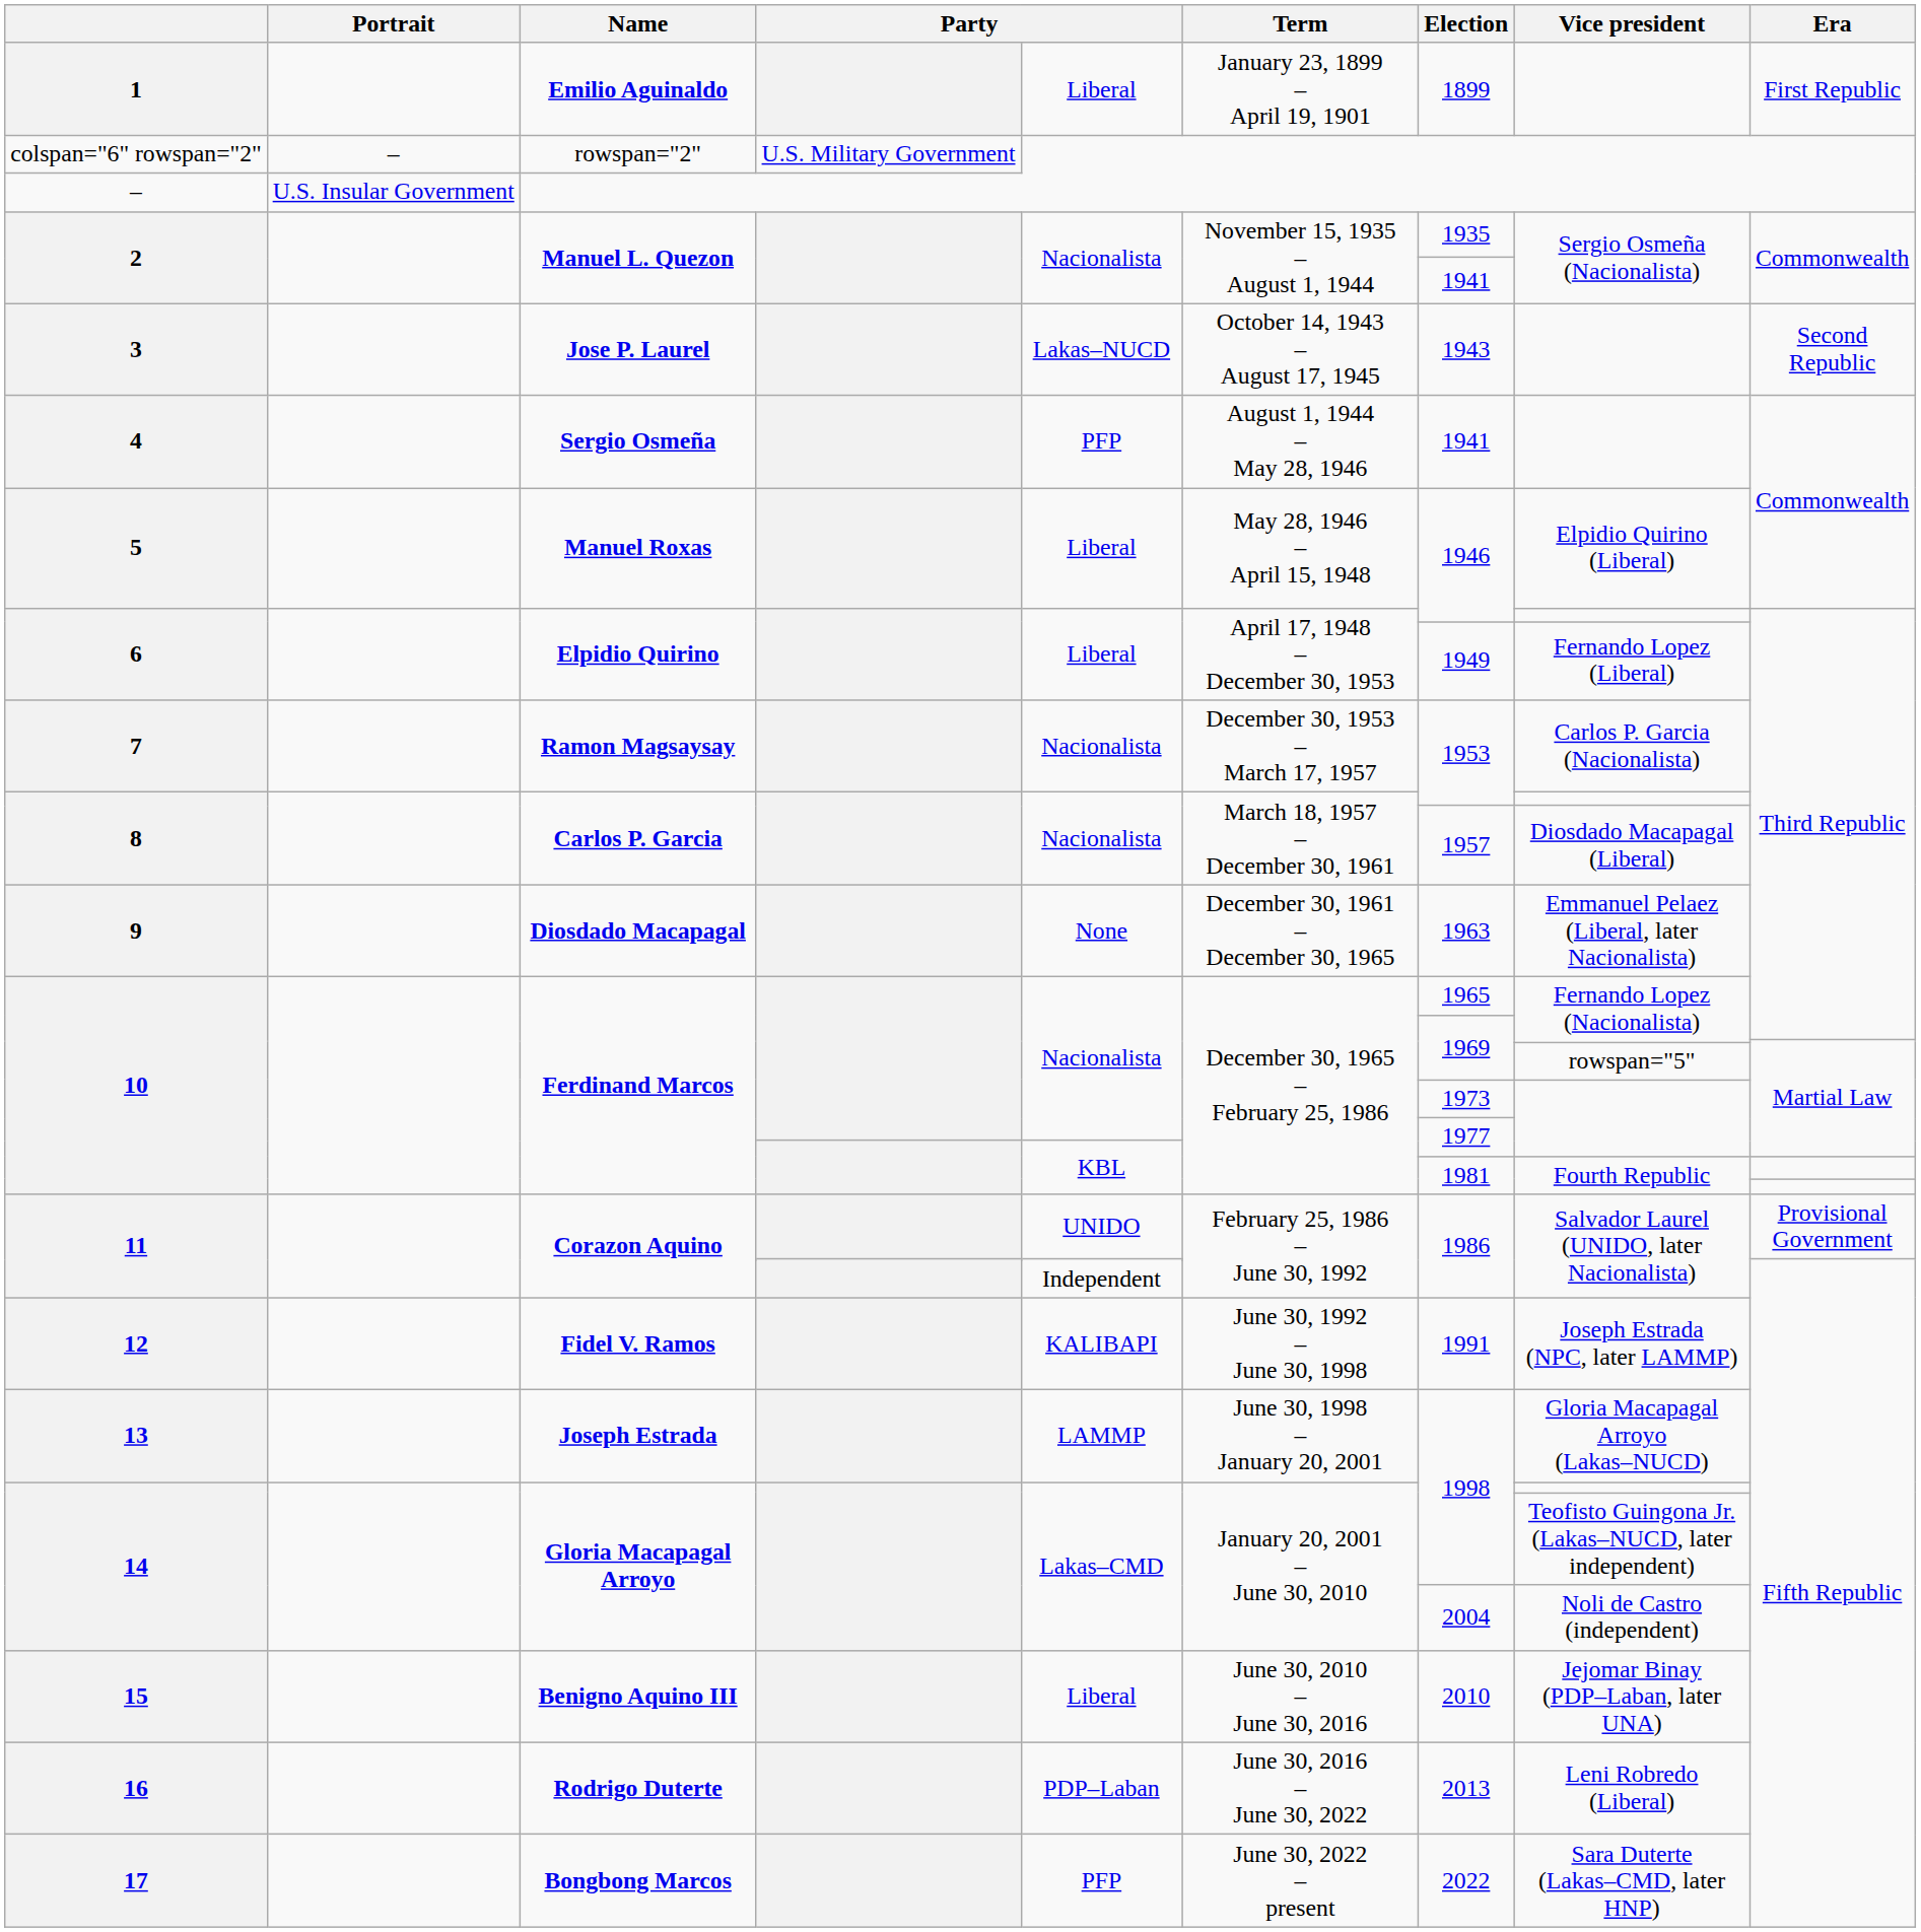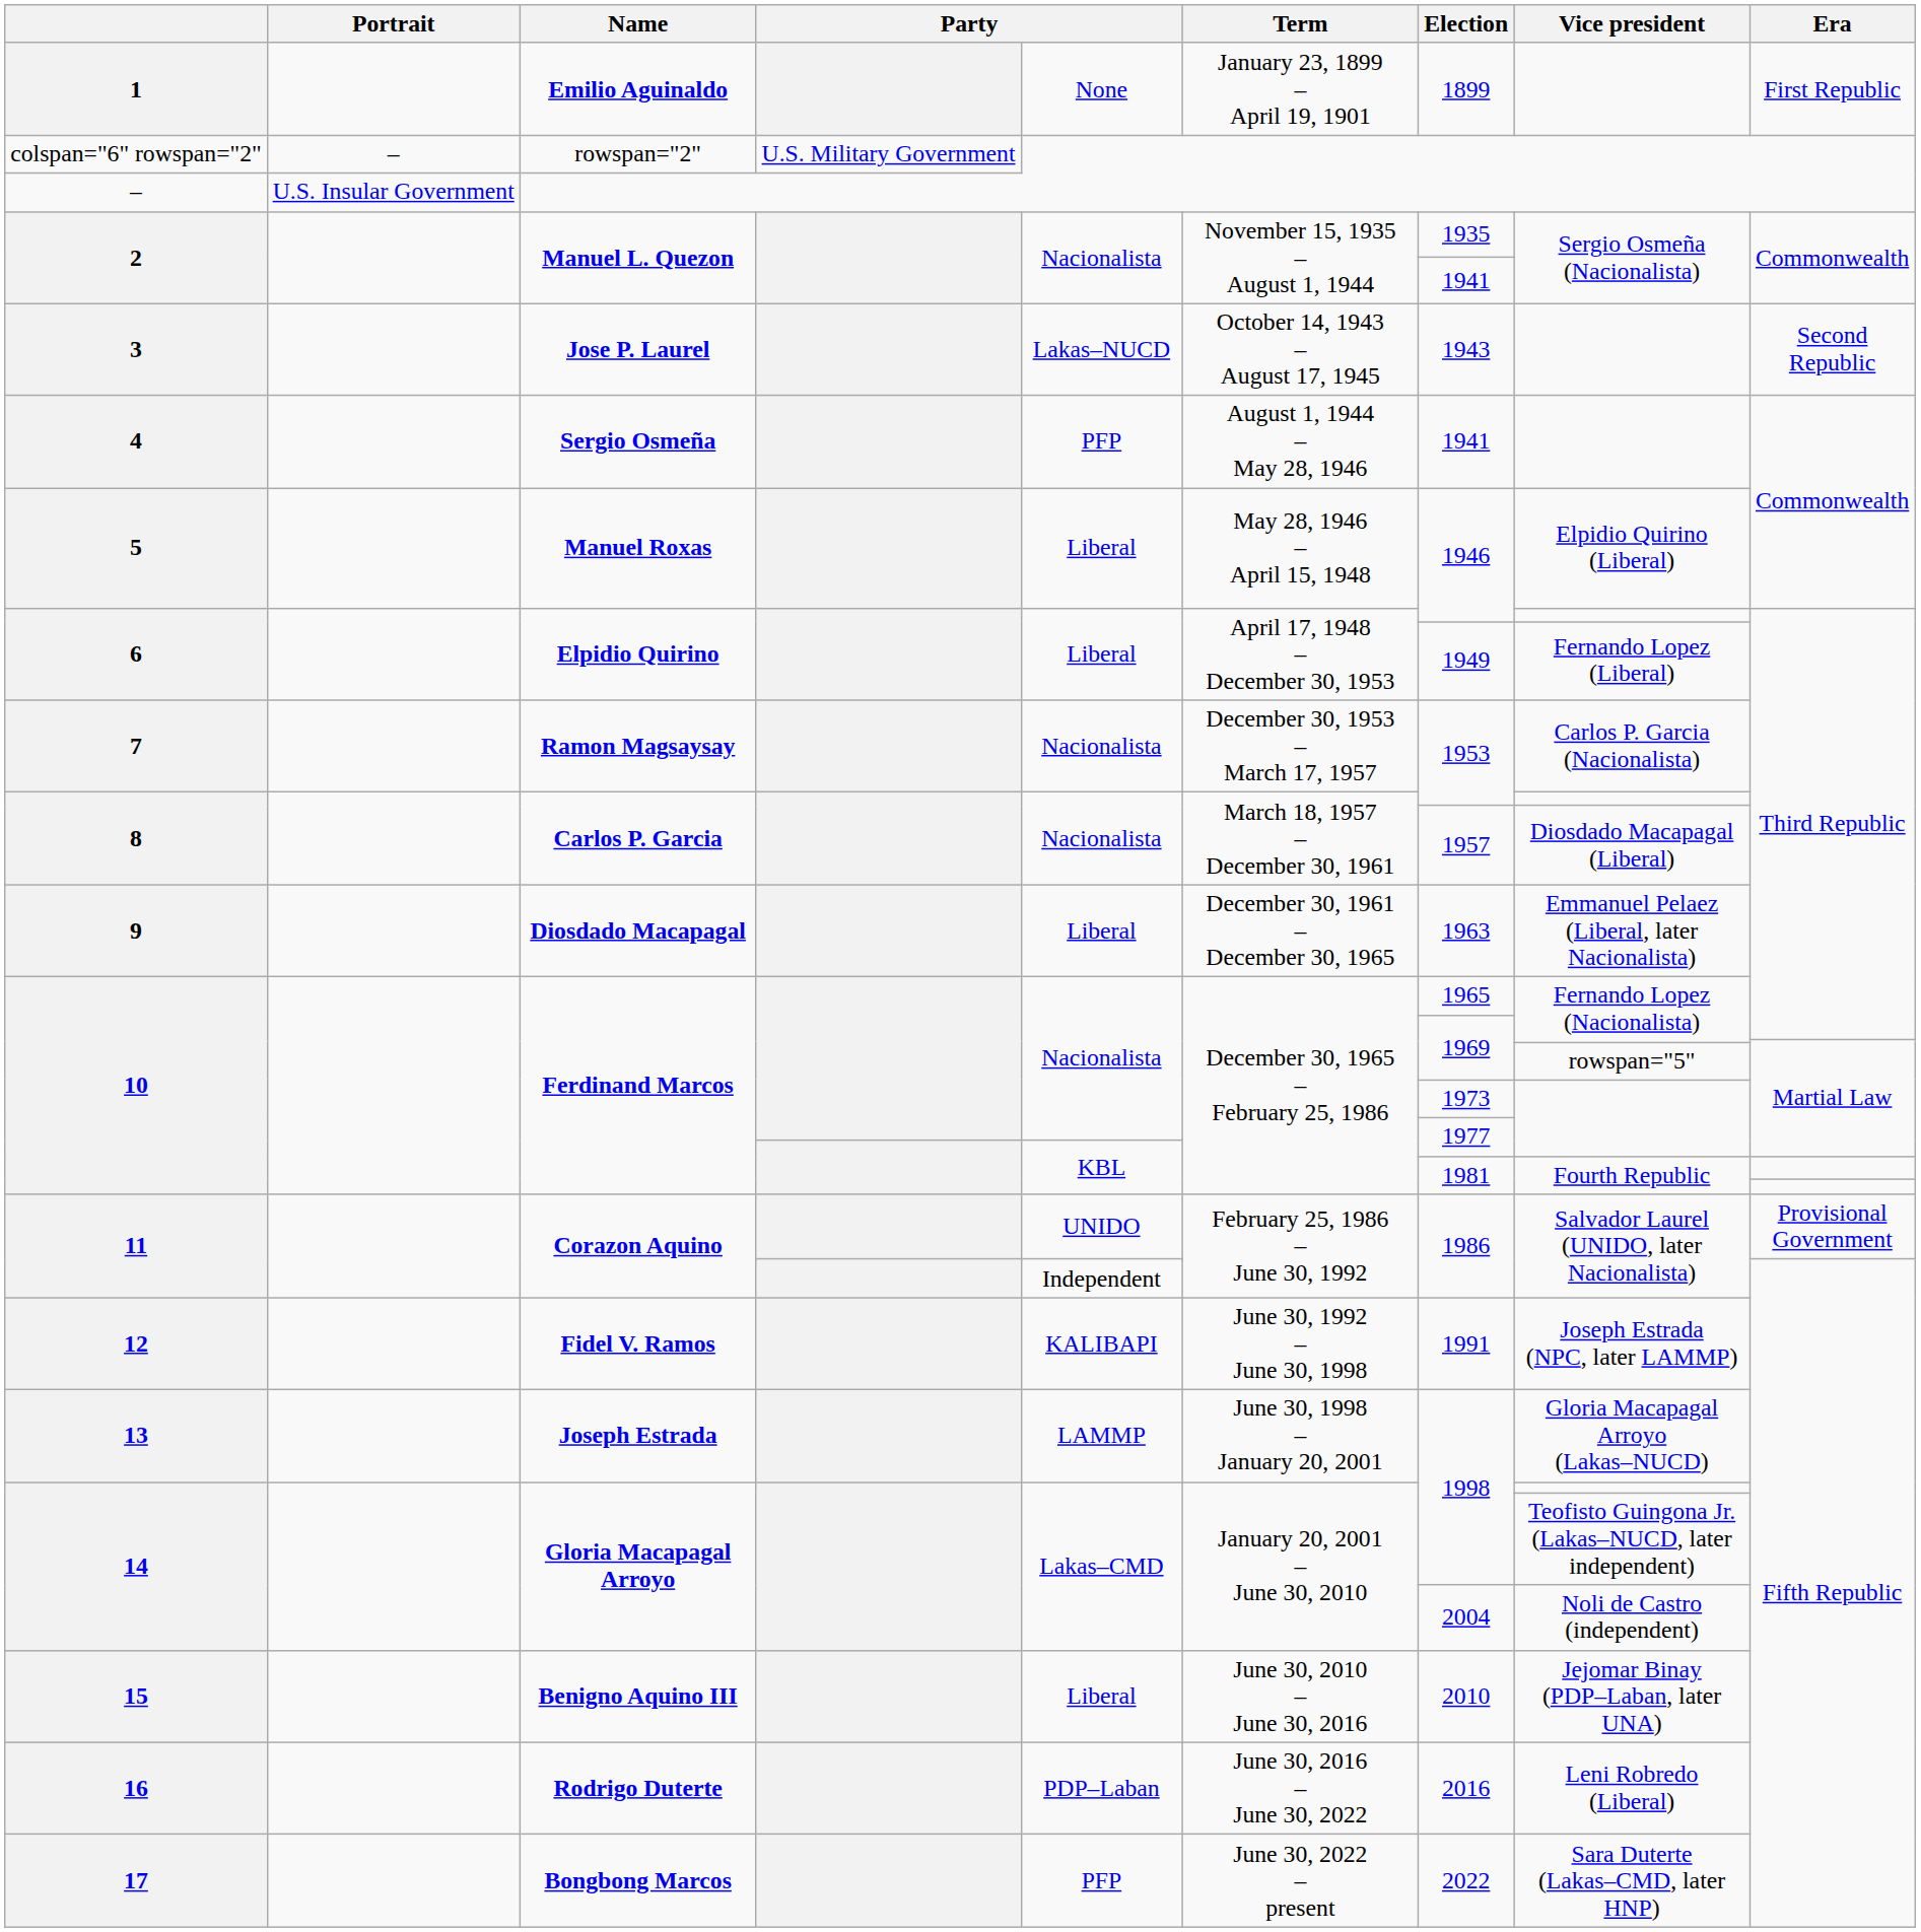 <table class="wikitable sortable sticky-header" style=text-align:center;>
 <tr>
 <th scope=col></th>
 <th scope=col class=unsortable>Portrait</th>
 <th scope="col" width="150px">Name</th>
 <th scope=col colspan="2">Party</th>
 <th scope=col class=unsortable width="150px">Term</th>
 <th scope=col class=unsortable>Election</th>
 <th scope=col class=unsortable width="150px">Vice president</th>
 <th scope=col class=unsortable width="100px">Era</th>
 </tr>
 <tr>
 <th scope=row>1</th>
 <td></td>
 <td><strong><a href='#'>Emilio Aguinaldo</a></strong><br></td>
 <th style="background:"></th>
-<td><a href='#'>Liberal</a></td>
+<td width="100px"><a href='#'>None</a></td>
 <td>January 23, 1899<br>–<br>April 19, 1901<br></td>
 <td><a href='#'>1899</a></td>
 <td></td>
 <td><a href='#'>First Republic</a></td>
 </tr>
 <tr>
 <td>colspan="6" rowspan="2" </td>
 <td>–</td>
 <td>rowspan="2" </td>
 <td><a href='#'>U.S. Military Government</a></td>
 </tr>
 <tr>
 <td>–</td>
 <td><a href='#'>U.S. Insular Government</a></td>
 </tr>
 <tr>
 <th scope=row rowspan="2">2</th>
 <td rowspan="2"></td>
 <td rowspan="2"><strong><a href='#'>Manuel L. Quezon</a></strong><br></td>
 <th rowspan="2" style="background:"></th>
 <td rowspan="2"><a href='#'>Nacionalista</a></td>
 <td rowspan="2">November 15, 1935<br>–<br>August 1, 1944<br></td>
 <td><a href='#'>1935</a></td>
 <td rowspan="2"><a href='#'>Sergio Osmeña</a><br>(<a href='#'>Nacionalista</a>)</td>
 <td rowspan="2"><a href='#'>Commonwealth</a></td>
 </tr>
 <tr>
 <td><a href='#'>1941</a></td>
 </tr>
 <tr>
 <th scope=row>3</th>
 <td></td>
 <td><strong><a href='#'>Jose P. Laurel</a></strong><br></td>
 <th style="background:"></th>
 <td><a href='#'>Lakas–NUCD</a></td>
 <td>October 14, 1943<br>–<br>August 17, 1945<br></td>
 <td><a href='#'>1943</a></td>
 <td></td>
 <td><a href='#'>Second Republic</a></td>
 </tr>
 <tr>
 <th scope=row>4</th>
 <td></td>
 <td><strong><a href='#'>Sergio Osmeña</a></strong><br></td>
 <th style="background:"></th>
 <td><a href='#'>PFP</a></td>
 <td>August 1, 1944<br>–<br>May 28, 1946<br></td>
 <td><a href='#'>1941</a></td>
 <td></td>
 <td rowspan="2"><a href='#'>Commonwealth</a></td>
 </tr>
 <tr style="height:80px">
 <th scope=row rowspan="2">5</th>
 <td rowspan="2"></td>
 <td rowspan="2"><strong><a href='#'>Manuel Roxas</a></strong><br></td>
 <th rowspan="2" style="background:"></th>
 <td rowspan="2"><a href='#'>Liberal</a></td>
 <td rowspan="2">May 28, 1946<br>–<br>April 15, 1948<br></td>
 <td rowspan="3"><a href='#'>1946</a></td>
 <td rowspan="2"><a href='#'>Elpidio Quirino</a><br>(<a href='#'>Liberal</a>)</td>
 </tr>
 <tr>
 <td rowspan="9"><a href='#'>Third Republic</a></td>
 </tr>
 <tr>
 <th scope=row rowspan="2">6</th>
 <td rowspan="2"></td>
 <td rowspan="2"><strong><a href='#'>Elpidio Quirino</a></strong><br></td>
 <th rowspan="2" style="background:"></th>
 <td rowspan="2"><a href='#'>Liberal</a></td>
 <td rowspan="2">April 17, 1948<br>–<br>December 30, 1953<br></td>
 <td></td>
 </tr>
 <tr>
 <td><a href='#'>1949</a></td>
 <td><a href='#'>Fernando Lopez</a><br>(<a href='#'>Liberal</a>)</td>
 </tr>
 <tr>
 <th scope=row>7</th>
 <td></td>
 <td><strong><a href='#'>Ramon Magsaysay</a></strong><br></td>
 <th style="background:"></th>
 <td><a href='#'>Nacionalista</a></td>
 <td>December 30, 1953<br>–<br>March 17, 1957<br></td>
 <td rowspan="2"><a href='#'>1953</a></td>
 <td><a href='#'>Carlos P. Garcia</a><br>(<a href='#'>Nacionalista</a>)</td>
 </tr>
 <tr>
 <th scope=row rowspan="2">8</th>
 <td rowspan="2"></td>
 <td rowspan="2"><strong><a href='#'>Carlos P. Garcia</a></strong><br></td>
 <th rowspan="2" style="background:"></th>
 <td rowspan="2"><a href='#'>Nacionalista</a></td>
 <td rowspan="2">March 18, 1957<br>–<br>December 30, 1961<br></td>
 <td></td>
 </tr>
 <tr>
 <td><a href='#'>1957</a></td>
 <td><a href='#'>Diosdado Macapagal</a><br>(<a href='#'>Liberal</a>)</td>
 </tr>
 <tr>
 <th scope=row>9</th>
 <td></td>
 <td><strong><a href='#'>Diosdado Macapagal</a></strong><br></td>
 <th style="background:"></th>
-<td width="100px"><a href='#'>None</a></td>
+<td><a href='#'>Liberal</a></td>
 <td>December 30, 1961<br>–<br>December 30, 1965<br></td>
 <td><a href='#'>1963</a></td>
 <td><a href='#'>Emmanuel Pelaez</a><br>(<a href='#'>Liberal</a>, later <a href='#'>Nacionalista</a>)</td>
 </tr>
 <tr>
 <th scope=row rowspan="9"><a href='#'>10</a></th>
 <td rowspan="9"></td>
 <td rowspan="9"><strong><a href='#'>Ferdinand Marcos</a></strong><br></td>
 <th rowspan="6" style="background:"></th>
 <td rowspan="6"><a href='#'>Nacionalista</a><br></td>
 <td rowspan="9">December 30, 1965<br>–<br>February 25, 1986<br></td>
 <td><a href='#'>1965</a></td>
 <td rowspan="3"><a href='#'>Fernando Lopez</a><br>(<a href='#'>Nacionalista</a>)</td>
 </tr>
 <tr style="height:15px">
 <td rowspan="3"><a href='#'>1969</a></td>
 </tr>
 <tr>
 <td rowspan="5"><a href='#'>Martial Law</a></td>
 </tr>
 <tr>
 <td>rowspan="5" </td>
 </tr>
 <tr>
 <td><a href='#'>1973</a></td>
 </tr>
 <tr style="height:15px">
 <td rowspan="2"><a href='#'>1977</a></td>
 </tr>
 <tr>
 <th rowspan="3" style="background:"></th>
 <td rowspan="3"><a href='#'>KBL</a><br></td>
 </tr>
 <tr style="height:15px">
 <td rowspan="2"><a href='#'>1981</a></td>
 <td rowspan="2"><a href='#'>Fourth Republic</a></td>
 </tr>
 <tr>
 <td></td>
 </tr>
 <tr>
 <th scope=row rowspan="3"><a href='#'>11</a></th>
 <td rowspan="3"></td>
 <td rowspan="3"><strong><a href='#'>Corazon Aquino</a></strong><br></td>
 <th rowspan="2" style="background:"></th>
 <td rowspan="2"><a href='#'>UNIDO</a><br></td>
 <td rowspan="3">February 25, 1986<br>–<br>June 30, 1992<br></td>
 <td rowspan="3"><a href='#'>1986</a></td>
 <td rowspan="3"><a href='#'>Salvador Laurel</a><br>(<a href='#'>UNIDO</a>, later <a href='#'>Nacionalista</a>)</td>
 <td><a href='#'>Provisional Government</a></td>
 </tr>
 <tr>
 <td rowspan="10"><a href='#'>Fifth Republic</a></td>
 </tr>
 <tr>
 <th style="background:"></th>
 <td>Independent<br></td>
 </tr>
 <tr>
 <th scope=row><a href='#'>12</a></th>
 <td></td>
 <td><strong><a href='#'>Fidel V. Ramos</a></strong><br></td>
 <th style="background:"></th>
 <td><a href='#'>KALIBAPI</a></td>
 <td>June 30, 1992<br>–<br>June 30, 1998<br></td>
 <td><a href='#'>1991</a></td>
 <td><a href='#'>Joseph Estrada</a><br>(<a href='#'>NPC</a>, later <a href='#'>LAMMP</a>)</td>
 </tr>
 <tr>
 <th scope=row><a href='#'>13</a></th>
 <td></td>
 <td><strong><a href='#'>Joseph Estrada</a></strong><br></td>
 <th style="background:"></th>
 <td><a href='#'>LAMMP</a></td>
 <td>June 30, 1998<br>–<br>January 20, 2001<br></td>
 <td rowspan="3"><a href='#'>1998</a></td>
 <td><a href='#'>Gloria Macapagal Arroyo</a><br>(<a href='#'>Lakas–NUCD</a>)</td>
 </tr>
 <tr>
 <th scope=row rowspan="3"><a href='#'>14</a></th>
 <td rowspan="3"></td>
 <td rowspan="3"><strong><a href='#'>Gloria Macapagal Arroyo</a></strong><br></td>
 <th rowspan="3" style="background:"></th>
 <td rowspan="3"><a href='#'>Lakas–CMD</a></td>
 <td rowspan="3">January 20, 2001<br>–<br>June 30, 2010<br></td>
 <td></td>
 </tr>
 <tr>
 <td><a href='#'>Teofisto Guingona Jr.</a><br>(<a href='#'>Lakas–NUCD</a>, later independent)</td>
 </tr>
 <tr>
 <td><a href='#'>2004</a></td>
 <td><a href='#'>Noli de Castro</a><br>(independent)</td>
 </tr>
 <tr>
 <th scope=row><a href='#'>15</a></th>
 <td></td>
 <td><strong><a href='#'>Benigno Aquino III</a></strong><br></td>
 <th style="background:"></th>
 <td><a href='#'>Liberal</a></td>
 <td>June 30, 2010<br>–<br>June 30, 2016<br></td>
 <td><a href='#'>2010</a></td>
 <td><a href='#'>Jejomar Binay</a><br>(<a href='#'>PDP–Laban</a>, later <a href='#'>UNA</a>)</td>
 </tr>
 <tr>
 <th scope=row><a href='#'>16</a></th>
 <td></td>
 <td><strong><a href='#'>Rodrigo Duterte</a></strong><br></td>
 <th style="background:"></th>
 <td><a href='#'>PDP–Laban</a></td>
 <td>June 30, 2016<br>–<br>June 30, 2022<br></td>
-<td><a href='#'>2013</a></td>
+<td><a href='#'>2016</a></td>
 <td><a href='#'>Leni Robredo</a><br>(<a href='#'>Liberal</a>)</td>
 </tr>
 <tr>
 <th scope=row><a href='#'>17</a></th>
 <td></td>
 <td><strong><a href='#'>Bongbong Marcos</a></strong><br></td>
 <th style="background:"></th>
 <td><a href='#'>PFP</a></td>
 <td>June 30, 2022<br>–<br>present<br></td>
 <td><a href='#'>2022</a></td>
 <td><a href='#'>Sara Duterte</a><br>(<a href='#'>Lakas–CMD</a>, later <a href='#'>HNP</a>)</td>
 </tr>
 </table>
